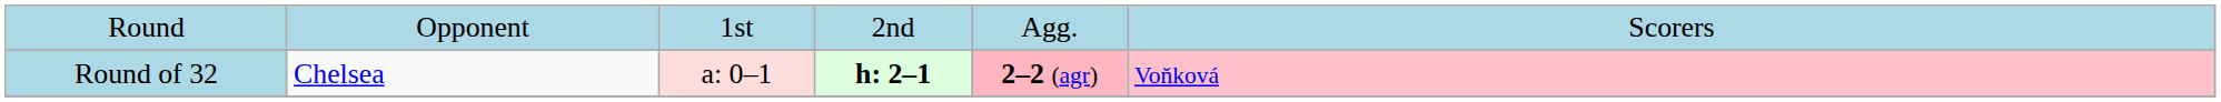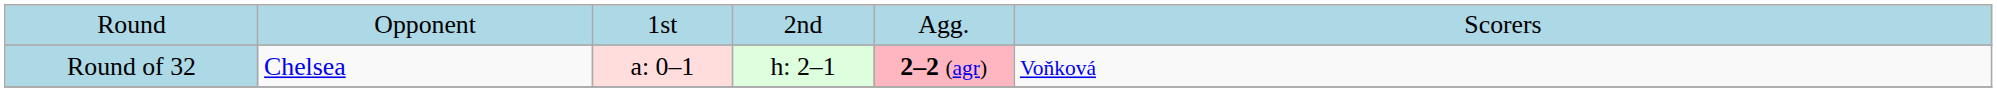 <table class="wikitable" style="text-align:center">
 <tr bgcolor=lightblue>
 <td width=150px>Round</td>
 <td width=200px>Opponent</td>
 <td width=80px>1st</td>
 <td width=80px>2nd</td>
 <td width=80px>Agg.</td>
 <td width=600px>Scorers</td>
 </tr>
 <tr>
 <td bgcolor=lightblue>Round of 32</td>
 <td align=left> <a href='#'>Chelsea</a></td>
 <td bgcolor=#ffdddd>a: 0–1</td>
-<td bgcolor=#ddffdd><strong>h: 2–1</strong></td>
+<td bgcolor=#ddffdd>h: 2–1</td>
 <td bgcolor=lightpink><strong>2–2</strong> <small>(<a href='#'>agr</a>)</small></td>
-<td align=left style="background: pink;"><small><a href='#'>Voňková</a></small></td>
+<td align=left><small><a href='#'>Voňková</a></small></td>
 </tr>
 <tr>
 </tr>
 </table>
